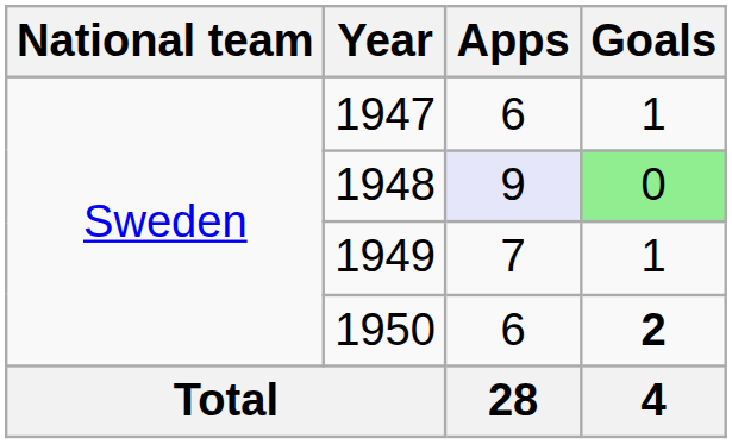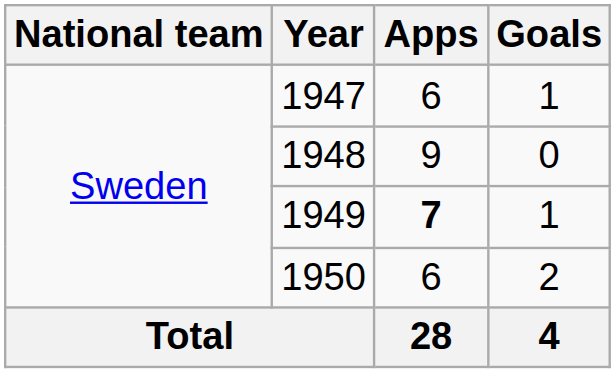 <table class="wikitable" style="text-align:center">
 <tr>
 <th>National team</th>
 <th>Year</th>
 <th>Apps</th>
 <th>Goals</th>
 </tr>
 <tr>
 <td rowspan="4"><a href='#'>Sweden</a></td>
 <td>1947</td>
 <td>6</td>
 <td>1</td>
 </tr>
 <tr>
 <td>1948</td>
-<td style="background: lavender;">9</td>
-<td style="background: lightgreen;">0</td>
+<td>9</td>
+<td>0</td>
 </tr>
 <tr>
 <td>1949</td>
-<td>7</td>
+<td><strong>7</strong></td>
 <td>1</td>
 </tr>
 <tr>
 <td>1950</td>
 <td>6</td>
-<td><strong>2</strong></td>
+<td>2</td>
 </tr>
 <tr>
 <th colspan="2">Total</th>
 <th>28</th>
 <th>4</th>
 </tr>
 </table>
